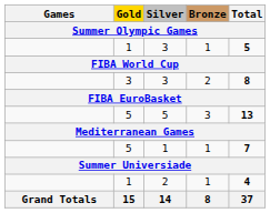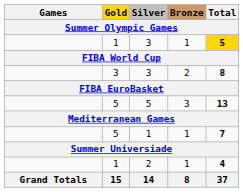 <table class="wikitable sortable plainrowheaders" border="1" style="text-align:center;">
 <tr>
 <th scope="col" style="width:10em;">Games</th>
 <th scope="col" style="background-color:gold; font-weight:bold;">Gold</th>
 <th scope="col" style="background-color:silver; font-weight:bold;">Silver</th>
 <th scope="col" style="background-color:#cc9966; font-weight:bold;">Bronze</th>
 <th scope="col">Total</th>
 </tr>
 <tr>
 <th align="center" colspan="5"><a href='#'>Summer Olympic Games</a></th>
 </tr>
 <tr>
 <td align="center"></td>
 <td>1</td>
 <td>3</td>
 <td>1</td>
-<td><strong>5</strong></td>
+<td style="background: gold;"><strong>5</strong></td>
 </tr>
 <tr>
 <th align="center" colspan="5"><a href='#'>FIBA World Cup</a></th>
 </tr>
 <tr>
 <td align="center"></td>
 <td>3</td>
 <td>3</td>
 <td>2</td>
 <td><strong>8</strong></td>
 </tr>
 <tr>
 <th align="center" colspan="5"><a href='#'>FIBA EuroBasket</a></th>
 </tr>
 <tr>
 <td align="center"></td>
 <td>5</td>
 <td>5</td>
 <td>3</td>
 <td><strong>13</strong></td>
 </tr>
 <tr>
 <th align="center" colspan="5"><a href='#'>Mediterranean Games</a></th>
 </tr>
 <tr>
 <td align="center"></td>
 <td>5</td>
 <td>1</td>
 <td>1</td>
 <td><strong>7</strong></td>
 </tr>
 <tr>
 <th align="center" colspan="5"><a href='#'>Summer Universiade</a></th>
 </tr>
 <tr>
 <td align="center"></td>
 <td>1</td>
 <td>2</td>
 <td>1</td>
 <td><strong>4</strong></td>
 </tr>
 <tr>
 <th align="center"><strong>Grand Totals</strong></th>
 <th>15</th>
 <th>14</th>
 <th>8</th>
 <th><strong>37</strong></th>
 </tr>
 </table>
